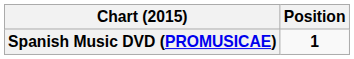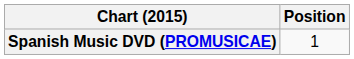 <table class="wikitable sortable plainrowheaders" style="text-align:center">
 <tr>
 <th scope="col">Chart (2015)</th>
 <th scope="col">Position</th>
 </tr>
 <tr>
 <th scope="row">Spanish Music DVD (<a href='#'>PROMUSICAE</a>)</th>
-<td><strong>1</strong></td>
+<td>1</td>
 </tr>
 </table>
